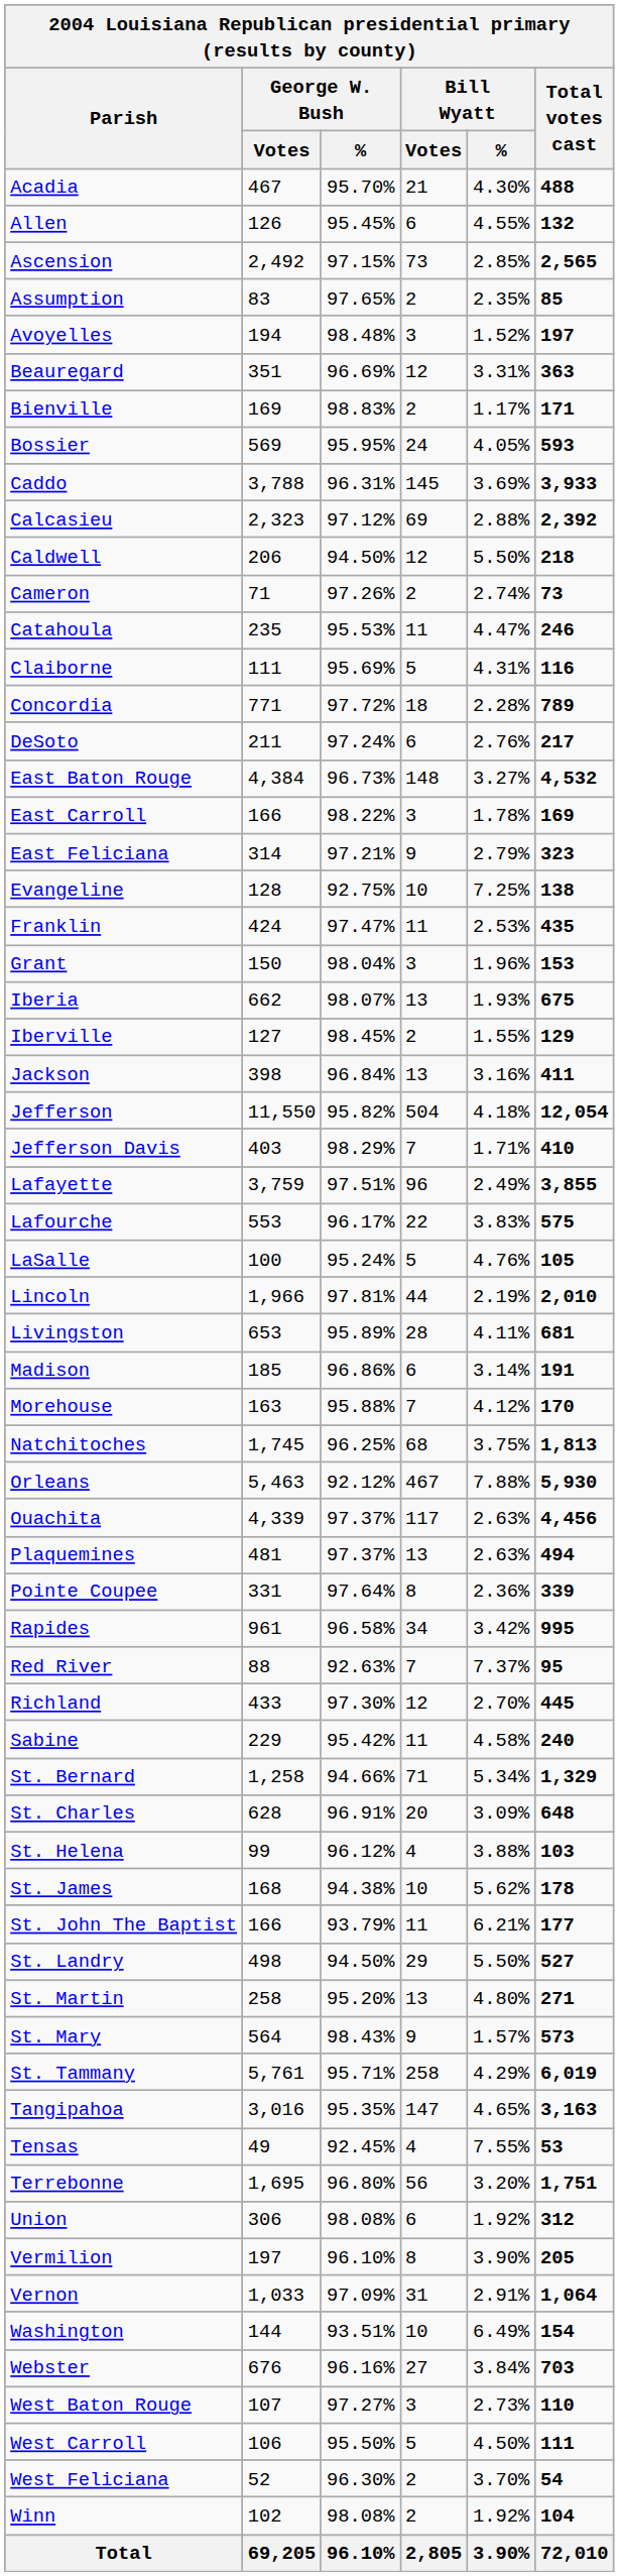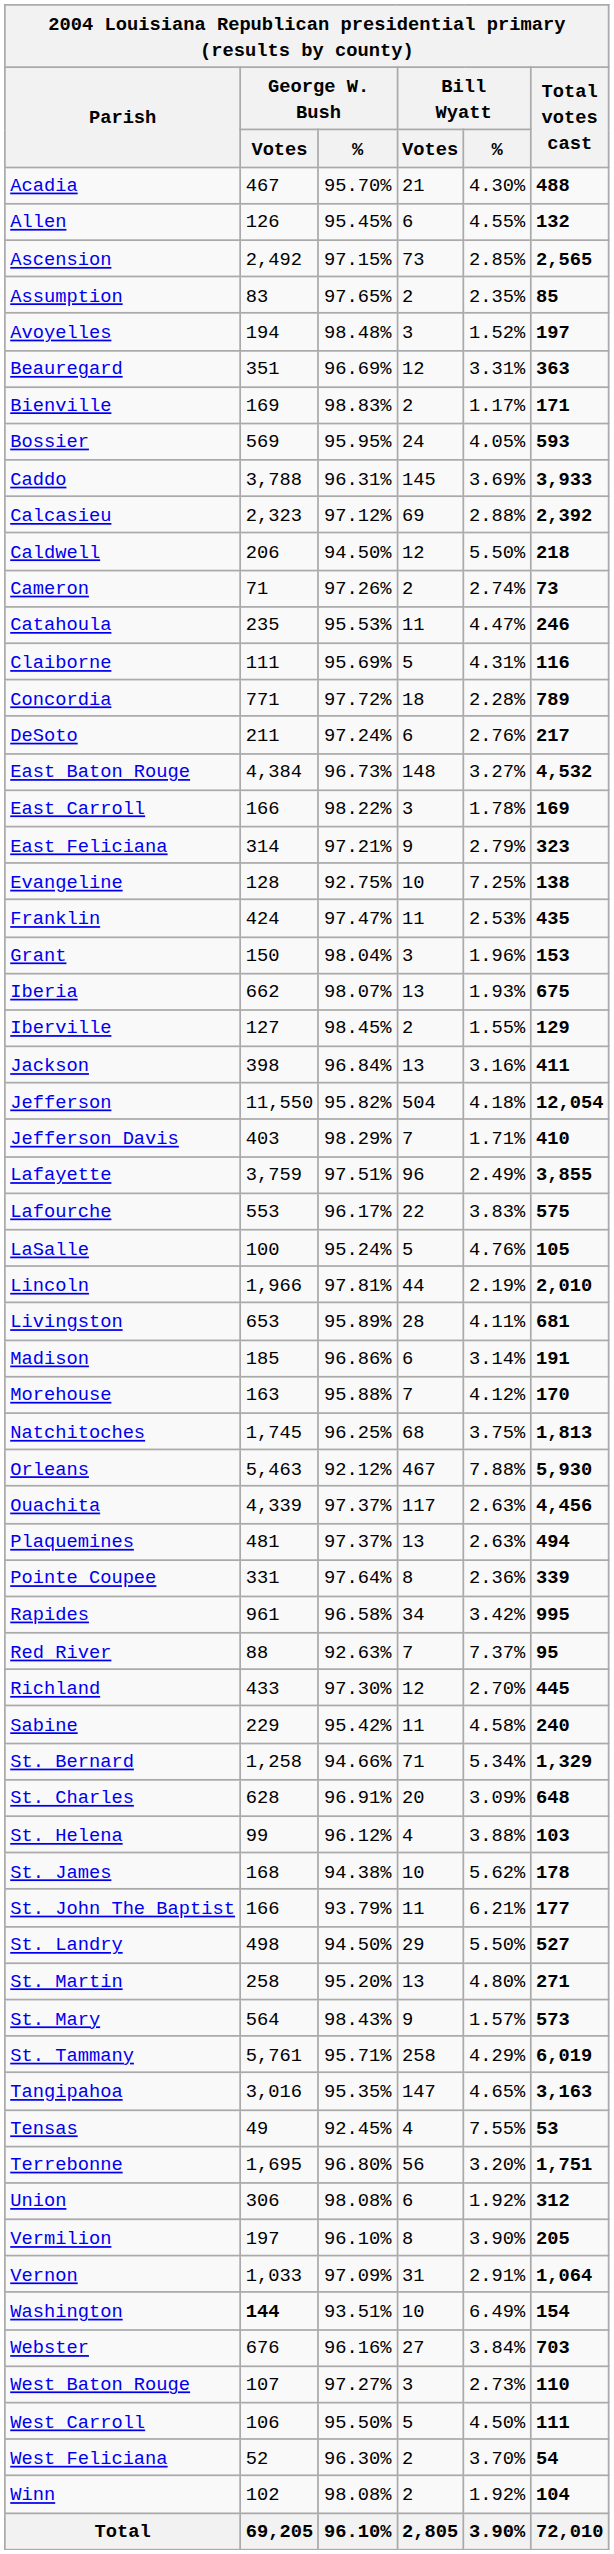 <table class="wikitable sortable mw-collapsible mw-collapsed">
 <tr>
 <th colspan="6"><small>2004 Louisiana Republican presidential primary<br>(results by county)</small></th>
 </tr>
 <tr>
 <th rowspan="2"><small>Parish</small></th>
 <th colspan="2"><small>George W.<br>Bush</small></th>
 <th colspan="2"><small>Bill<br>Wyatt</small></th>
 <th rowspan="2"><small>Total<br>votes<br>cast</small></th>
 </tr>
 <tr>
 <th><small>Votes</small></th>
 <th><small>%</small></th>
 <th><small>Votes</small></th>
 <th><small>%</small></th>
 </tr>
 <tr>
 <td><small><a href='#'>Acadia</a></small></td>
 <td><small>467</small></td>
 <td><small>95.70%</small></td>
 <td><small>21</small></td>
 <td><small>4.30%</small></td>
 <td><small><strong>488</strong></small></td>
 </tr>
 <tr>
 <td><small><a href='#'>Allen</a></small></td>
 <td><small>126</small></td>
 <td><small>95.45%</small></td>
 <td><small>6</small></td>
 <td><small>4.55%</small></td>
 <td><small><strong>132</strong></small></td>
 </tr>
 <tr>
 <td><small><a href='#'>Ascension</a></small></td>
 <td><small>2,492</small></td>
 <td><small>97.15%</small></td>
 <td><small>73</small></td>
 <td><small>2.85%</small></td>
 <td><small><strong>2,565</strong></small></td>
 </tr>
 <tr>
 <td><small><a href='#'>Assumption</a></small></td>
 <td><small>83</small></td>
 <td><small>97.65%</small></td>
 <td><small>2</small></td>
 <td><small>2.35%</small></td>
 <td><small><strong>85</strong></small></td>
 </tr>
 <tr>
 <td><small><a href='#'>Avoyelles</a></small></td>
 <td><small>194</small></td>
 <td><small>98.48%</small></td>
 <td><small>3</small></td>
 <td><small>1.52%</small></td>
 <td><small><strong>197</strong></small></td>
 </tr>
 <tr>
 <td><small><a href='#'>Beauregard</a></small></td>
 <td><small>351</small></td>
 <td><small>96.69%</small></td>
 <td><small>12</small></td>
 <td><small>3.31%</small></td>
 <td><small><strong>363</strong></small></td>
 </tr>
 <tr>
 <td><small><a href='#'>Bienville</a></small></td>
 <td><small>169</small></td>
 <td><small>98.83%</small></td>
 <td><small>2</small></td>
 <td><small>1.17%</small></td>
 <td><small><strong>171</strong></small></td>
 </tr>
 <tr>
 <td><small><a href='#'>Bossier</a></small></td>
 <td><small>569</small></td>
 <td><small>95.95%</small></td>
 <td><small>24</small></td>
 <td><small>4.05%</small></td>
 <td><small><strong>593</strong></small></td>
 </tr>
 <tr>
 <td><small><a href='#'>Caddo</a></small></td>
 <td><small>3,788</small></td>
 <td><small>96.31%</small></td>
 <td><small>145</small></td>
 <td><small>3.69%</small></td>
 <td><small><strong>3,933</strong></small></td>
 </tr>
 <tr>
 <td><small><a href='#'>Calcasieu</a></small></td>
 <td><small>2,323</small></td>
 <td><small>97.12%</small></td>
 <td><small>69</small></td>
 <td><small>2.88%</small></td>
 <td><small><strong>2,392</strong></small></td>
 </tr>
 <tr>
 <td><small><a href='#'>Caldwell</a></small></td>
 <td><small>206</small></td>
 <td><small>94.50%</small></td>
 <td><small>12</small></td>
 <td><small>5.50%</small></td>
 <td><small><strong>218</strong></small></td>
 </tr>
 <tr>
 <td><small><a href='#'>Cameron</a></small></td>
 <td><small>71</small></td>
 <td><small>97.26%</small></td>
 <td><small>2</small></td>
 <td><small>2.74%</small></td>
 <td><small><strong>73</strong></small></td>
 </tr>
 <tr>
 <td><small><a href='#'>Catahoula</a></small></td>
 <td><small>235</small></td>
 <td><small>95.53%</small></td>
 <td><small>11</small></td>
 <td><small>4.47%</small></td>
 <td><small><strong>246</strong></small></td>
 </tr>
 <tr>
 <td><small><a href='#'>Claiborne</a></small></td>
 <td><small>111</small></td>
 <td><small>95.69%</small></td>
 <td><small>5</small></td>
 <td><small>4.31%</small></td>
 <td><small><strong>116</strong></small></td>
 </tr>
 <tr>
 <td><small><a href='#'>Concordia</a></small></td>
 <td><small>771</small></td>
 <td><small>97.72%</small></td>
 <td><small>18</small></td>
 <td><small>2.28%</small></td>
 <td><small><strong>789</strong></small></td>
 </tr>
 <tr>
 <td><small><a href='#'>DeSoto</a></small></td>
 <td><small>211</small></td>
 <td><small>97.24%</small></td>
 <td><small>6</small></td>
 <td><small>2.76%</small></td>
 <td><small><strong>217</strong></small></td>
 </tr>
 <tr>
 <td><small><a href='#'>East Baton Rouge</a></small></td>
 <td><small>4,384</small></td>
 <td><small>96.73%</small></td>
 <td><small>148</small></td>
 <td><small>3.27%</small></td>
 <td><small><strong>4,532</strong></small></td>
 </tr>
 <tr>
 <td><small><a href='#'>East Carroll</a></small></td>
 <td><small>166</small></td>
 <td><small>98.22%</small></td>
 <td><small>3</small></td>
 <td><small>1.78%</small></td>
 <td><small><strong>169</strong></small></td>
 </tr>
 <tr>
 <td><small><a href='#'>East Feliciana</a></small></td>
 <td><small>314</small></td>
 <td><small>97.21%</small></td>
 <td><small>9</small></td>
 <td><small>2.79%</small></td>
 <td><small><strong>323</strong></small></td>
 </tr>
 <tr>
 <td><small><a href='#'>Evangeline</a></small></td>
 <td><small>128</small></td>
 <td><small>92.75%</small></td>
 <td><small>10</small></td>
 <td><small>7.25%</small></td>
 <td><small><strong>138</strong></small></td>
 </tr>
 <tr>
 <td><small><a href='#'>Franklin</a></small></td>
 <td><small>424</small></td>
 <td><small>97.47%</small></td>
 <td><small>11</small></td>
 <td><small>2.53%</small></td>
 <td><small><strong>435</strong></small></td>
 </tr>
 <tr>
 <td><small><a href='#'>Grant</a></small></td>
 <td><small>150</small></td>
 <td><small>98.04%</small></td>
 <td><small>3</small></td>
 <td><small>1.96%</small></td>
 <td><small><strong>153</strong></small></td>
 </tr>
 <tr>
 <td><small><a href='#'>Iberia</a></small></td>
 <td><small>662</small></td>
 <td><small>98.07%</small></td>
 <td><small>13</small></td>
 <td><small>1.93%</small></td>
 <td><small><strong>675</strong></small></td>
 </tr>
 <tr>
 <td><small><a href='#'>Iberville</a></small></td>
 <td><small>127</small></td>
 <td><small>98.45%</small></td>
 <td><small>2</small></td>
 <td><small>1.55%</small></td>
 <td><small><strong>129</strong></small></td>
 </tr>
 <tr>
 <td><small><a href='#'>Jackson</a></small></td>
 <td><small>398</small></td>
 <td><small>96.84%</small></td>
 <td><small>13</small></td>
 <td><small>3.16%</small></td>
 <td><small><strong>411</strong></small></td>
 </tr>
 <tr>
 <td><small><a href='#'>Jefferson</a></small></td>
 <td><small>11,550</small></td>
 <td><small>95.82%</small></td>
 <td><small>504</small></td>
 <td><small>4.18%</small></td>
 <td><small><strong>12,054</strong></small></td>
 </tr>
 <tr>
 <td><small><a href='#'>Jefferson Davis</a></small></td>
 <td><small>403</small></td>
 <td><small>98.29%</small></td>
 <td><small>7</small></td>
 <td><small>1.71%</small></td>
 <td><small><strong>410</strong></small></td>
 </tr>
 <tr>
 <td><small><a href='#'>Lafayette</a></small></td>
 <td><small>3,759</small></td>
 <td><small>97.51%</small></td>
 <td><small>96</small></td>
 <td><small>2.49%</small></td>
 <td><small><strong>3,855</strong></small></td>
 </tr>
 <tr>
 <td><small><a href='#'>Lafourche</a></small></td>
 <td><small>553</small></td>
 <td><small>96.17%</small></td>
 <td><small>22</small></td>
 <td><small>3.83%</small></td>
 <td><small><strong>575</strong></small></td>
 </tr>
 <tr>
 <td><small><a href='#'>LaSalle</a></small></td>
 <td><small>100</small></td>
 <td><small>95.24%</small></td>
 <td><small>5</small></td>
 <td><small>4.76%</small></td>
 <td><small><strong>105</strong></small></td>
 </tr>
 <tr>
 <td><small><a href='#'>Lincoln</a></small></td>
 <td><small>1,966</small></td>
 <td><small>97.81%</small></td>
 <td><small>44</small></td>
 <td><small>2.19%</small></td>
 <td><small><strong>2,010</strong></small></td>
 </tr>
 <tr>
 <td><small><a href='#'>Livingston</a></small></td>
 <td><small>653</small></td>
 <td><small>95.89%</small></td>
 <td><small>28</small></td>
 <td><small>4.11%</small></td>
 <td><small><strong>681</strong></small></td>
 </tr>
 <tr>
 <td><small><a href='#'>Madison</a></small></td>
 <td><small>185</small></td>
 <td><small>96.86%</small></td>
 <td><small>6</small></td>
 <td><small>3.14%</small></td>
 <td><small><strong>191</strong></small></td>
 </tr>
 <tr>
 <td><small><a href='#'>Morehouse</a></small></td>
 <td><small>163</small></td>
 <td><small>95.88%</small></td>
 <td><small>7</small></td>
 <td><small>4.12%</small></td>
 <td><small><strong>170</strong></small></td>
 </tr>
 <tr>
 <td><small><a href='#'>Natchitoches</a></small></td>
 <td><small>1,745</small></td>
 <td><small>96.25%</small></td>
 <td><small>68</small></td>
 <td><small>3.75%</small></td>
 <td><small><strong>1,813</strong></small></td>
 </tr>
 <tr>
 <td><small><a href='#'>Orleans</a></small></td>
 <td><small>5,463</small></td>
 <td><small>92.12%</small></td>
 <td><small>467</small></td>
 <td><small>7.88%</small></td>
 <td><small><strong>5,930</strong></small></td>
 </tr>
 <tr>
 <td><small><a href='#'>Ouachita</a></small></td>
 <td><small>4,339</small></td>
 <td><small>97.37%</small></td>
 <td><small>117</small></td>
 <td><small>2.63%</small></td>
 <td><small><strong>4,456</strong></small></td>
 </tr>
 <tr>
 <td><small><a href='#'>Plaquemines</a></small></td>
 <td><small>481</small></td>
 <td><small>97.37%</small></td>
 <td><small>13</small></td>
 <td><small>2.63%</small></td>
 <td><small><strong>494</strong></small></td>
 </tr>
 <tr>
 <td><small><a href='#'>Pointe Coupee</a></small></td>
 <td><small>331</small></td>
 <td><small>97.64%</small></td>
 <td><small>8</small></td>
 <td><small>2.36%</small></td>
 <td><small><strong>339</strong></small></td>
 </tr>
 <tr>
 <td><small><a href='#'>Rapides</a></small></td>
 <td><small>961</small></td>
 <td><small>96.58%</small></td>
 <td><small>34</small></td>
 <td><small>3.42%</small></td>
 <td><small><strong>995</strong></small></td>
 </tr>
 <tr>
 <td><small><a href='#'>Red River</a></small></td>
 <td><small>88</small></td>
 <td><small>92.63%</small></td>
 <td><small>7</small></td>
 <td><small>7.37%</small></td>
 <td><small><strong>95</strong></small></td>
 </tr>
 <tr>
 <td><small><a href='#'>Richland</a></small></td>
 <td><small>433</small></td>
 <td><small>97.30%</small></td>
 <td><small>12</small></td>
 <td><small>2.70%</small></td>
 <td><small><strong>445</strong></small></td>
 </tr>
 <tr>
 <td><small><a href='#'>Sabine</a></small></td>
 <td><small>229</small></td>
 <td><small>95.42%</small></td>
 <td><small>11</small></td>
 <td><small>4.58%</small></td>
 <td><small><strong>240</strong></small></td>
 </tr>
 <tr>
 <td><small><a href='#'>St. Bernard</a></small></td>
 <td><small>1,258</small></td>
 <td><small>94.66%</small></td>
 <td><small>71</small></td>
 <td><small>5.34%</small></td>
 <td><small><strong>1,329</strong></small></td>
 </tr>
 <tr>
 <td><small><a href='#'>St. Charles</a></small></td>
 <td><small>628</small></td>
 <td><small>96.91%</small></td>
 <td><small>20</small></td>
 <td><small>3.09%</small></td>
 <td><small><strong>648</strong></small></td>
 </tr>
 <tr>
 <td><small><a href='#'>St. Helena</a></small></td>
 <td><small>99</small></td>
 <td><small>96.12%</small></td>
 <td><small>4</small></td>
 <td><small>3.88%</small></td>
 <td><small><strong>103</strong></small></td>
 </tr>
 <tr>
 <td><small><a href='#'>St. James</a></small></td>
 <td><small>168</small></td>
 <td><small>94.38%</small></td>
 <td><small>10</small></td>
 <td><small>5.62%</small></td>
 <td><small><strong>178</strong></small></td>
 </tr>
 <tr>
 <td><small><a href='#'>St. John The Baptist</a></small></td>
 <td><small>166</small></td>
 <td><small>93.79%</small></td>
 <td><small>11</small></td>
 <td><small>6.21%</small></td>
 <td><small><strong>177</strong></small></td>
 </tr>
 <tr>
 <td><small><a href='#'>St. Landry</a></small></td>
 <td><small>498</small></td>
 <td><small>94.50%</small></td>
 <td><small>29</small></td>
 <td><small>5.50%</small></td>
 <td><small><strong>527</strong></small></td>
 </tr>
 <tr>
 <td><small><a href='#'>St. Martin</a></small></td>
 <td><small>258</small></td>
 <td><small>95.20%</small></td>
 <td><small>13</small></td>
 <td><small>4.80%</small></td>
 <td><small><strong>271</strong></small></td>
 </tr>
 <tr>
 <td><small><a href='#'>St. Mary</a></small></td>
 <td><small>564</small></td>
 <td><small>98.43%</small></td>
 <td><small>9</small></td>
 <td><small>1.57%</small></td>
 <td><small><strong>573</strong></small></td>
 </tr>
 <tr>
 <td><small><a href='#'>St. Tammany</a></small></td>
 <td><small>5,761</small></td>
 <td><small>95.71%</small></td>
 <td><small>258</small></td>
 <td><small>4.29%</small></td>
 <td><small><strong>6,019</strong></small></td>
 </tr>
 <tr>
 <td><small><a href='#'>Tangipahoa</a></small></td>
 <td><small>3,016</small></td>
 <td><small>95.35%</small></td>
 <td><small>147</small></td>
 <td><small>4.65%</small></td>
 <td><small><strong>3,163</strong></small></td>
 </tr>
 <tr>
 <td><small><a href='#'>Tensas</a></small></td>
 <td><small>49</small></td>
 <td><small>92.45%</small></td>
 <td><small>4</small></td>
 <td><small>7.55%</small></td>
 <td><small><strong>53</strong></small></td>
 </tr>
 <tr>
 <td><small><a href='#'>Terrebonne</a></small></td>
 <td><small>1,695</small></td>
 <td><small>96.80%</small></td>
 <td><small>56</small></td>
 <td><small>3.20%</small></td>
 <td><small><strong>1,751</strong></small></td>
 </tr>
 <tr>
 <td><small><a href='#'>Union</a></small></td>
 <td><small>306</small></td>
 <td><small>98.08%</small></td>
 <td><small>6</small></td>
 <td><small>1.92%</small></td>
 <td><small><strong>312</strong></small></td>
 </tr>
 <tr>
 <td><small><a href='#'>Vermilion</a></small></td>
 <td><small>197</small></td>
 <td><small>96.10%</small></td>
 <td><small>8</small></td>
 <td><small>3.90%</small></td>
 <td><small><strong>205</strong></small></td>
 </tr>
 <tr>
 <td><small><a href='#'>Vernon</a></small></td>
 <td><small>1,033</small></td>
 <td><small>97.09%</small></td>
 <td><small>31</small></td>
 <td><small>2.91%</small></td>
 <td><small><strong>1,064</strong></small></td>
 </tr>
 <tr>
 <td><small><a href='#'>Washington</a></small></td>
-<td><small>144</small></td>
+<td><strong><small>144</small></strong></td>
 <td><small>93.51%</small></td>
 <td><small>10</small></td>
 <td><small>6.49%</small></td>
 <td><small><strong>154</strong></small></td>
 </tr>
 <tr>
 <td><small><a href='#'>Webster</a></small></td>
 <td><small>676</small></td>
 <td><small>96.16%</small></td>
 <td><small>27</small></td>
 <td><small>3.84%</small></td>
 <td><small><strong>703</strong></small></td>
 </tr>
 <tr>
 <td><small><a href='#'>West Baton Rouge</a></small></td>
 <td><small>107</small></td>
 <td><small>97.27%</small></td>
 <td><small>3</small></td>
 <td><small>2.73%</small></td>
 <td><small><strong>110</strong></small></td>
 </tr>
 <tr>
 <td><small><a href='#'>West Carroll</a></small></td>
 <td><small>106</small></td>
 <td><small>95.50%</small></td>
 <td><small>5</small></td>
 <td><small>4.50%</small></td>
 <td><small><strong>111</strong></small></td>
 </tr>
 <tr>
 <td><small><a href='#'>West Feliciana</a></small></td>
 <td><small>52</small></td>
 <td><small>96.30%</small></td>
 <td><small>2</small></td>
 <td><small>3.70%</small></td>
 <td><small><strong>54</strong></small></td>
 </tr>
 <tr>
 <td><small><a href='#'>Winn</a></small></td>
 <td><small>102</small></td>
 <td><small>98.08%</small></td>
 <td><small>2</small></td>
 <td><small>1.92%</small></td>
 <td><small><strong>104</strong></small></td>
 </tr>
 <tr>
 <th><strong><small>Total</small></strong></th>
 <th><strong><small>69,205</small></strong></th>
 <th><strong><small>96.10%</small></strong></th>
 <th><strong><small>2,805</small></strong></th>
 <th><strong><small>3.90%</small></strong></th>
 <th><strong><small>72,010</small></strong></th>
 </tr>
 </table>
